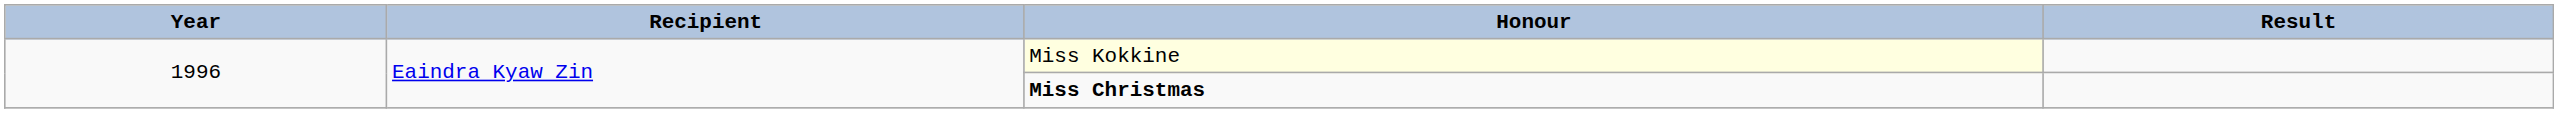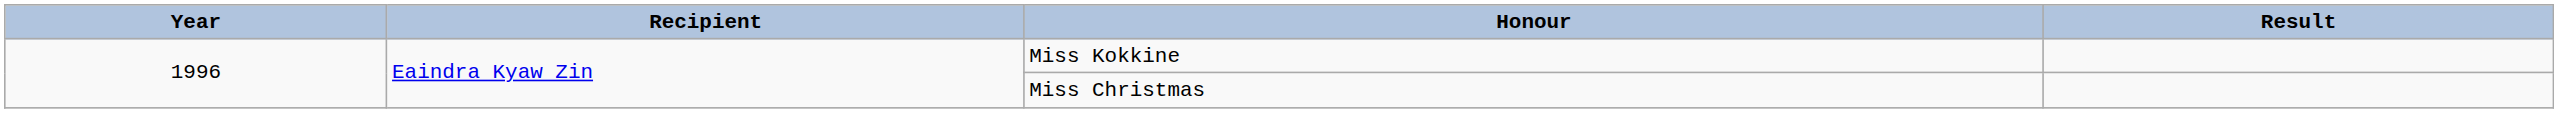 <table class="wikitable plainrowheaders" style="width:100%;">
 <tr>
 <th style="background:#b0c4de; width:15%;">Year</th>
 <th style="background:#b0c4de; width:25%;">Recipient</th>
 <th style="background:#b0c4de; width:40%;">Honour</th>
 <th style="background:#b0c4de; width:20%;">Result</th>
 </tr>
 <tr>
 <td rowspan=2 style="text-align:center;">1996</td>
 <td rowspan=2><a href='#'>Eaindra Kyaw Zin</a></td>
-<td style="background: lightyellow;">Miss Kokkine</td>
+<td>Miss Kokkine</td>
 <td></td>
 </tr>
 <tr>
-<td><strong>Miss Christmas</strong></td>
+<td>Miss Christmas</td>
 <td></td>
 </tr>
 </table>
